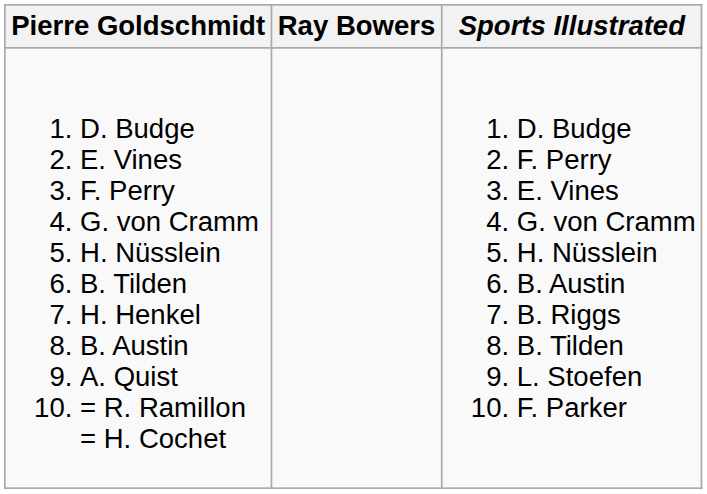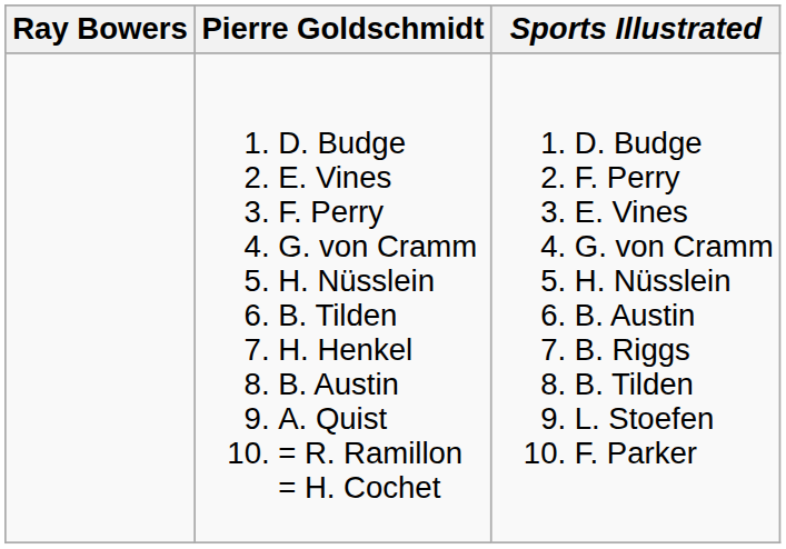 <table class="wikitable">
 <tr>
+<th>Ray Bowers</th>
 <th>Pierre Goldschmidt</th>
-<th>Ray Bowers</th>
 <th><em>Sports Illustrated</em></th>
 </tr>
 <tr style="vertical-align: top;">
+<td></td>
 <td style="white-space: nowrap;"><br><ol><li> D. Budge</li><li> E. Vines</li><li> F. Perry</li><li> G. von Cramm</li><li> H. Nüsslein</li><li> B. Tilden</li><li> H. Henkel</li><li> B. Austin</li><li> A. Quist</li><li>= R. Ramillon<br>= H. Cochet</li></ol></td>
-<td></td>
 <td style="white-space: nowrap;"><br><ol><li> D. Budge</li><li> F. Perry</li><li> E. Vines</li><li> G. von Cramm</li><li> H. Nüsslein</li><li> B. Austin</li><li> B. Riggs</li><li> B. Tilden</li><li> L. Stoefen</li><li> F. Parker</li></ol></td>
 </tr>
 </table>
